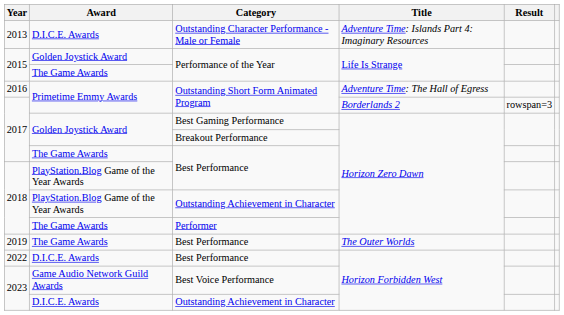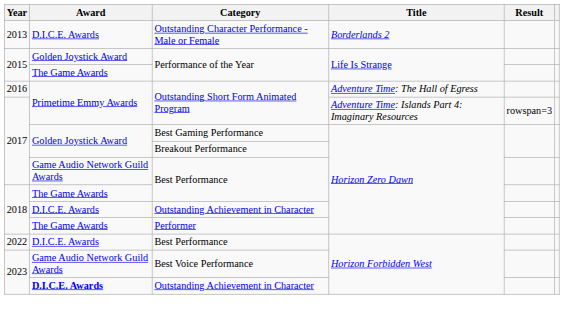 <table class="wikitable sortable">
 <tr>
 <th>Year</th>
 <th>Award</th>
 <th>Category</th>
 <th>Title</th>
 <th>Result</th>
 <th class="unsortable"></th>
 </tr>
 <tr>
 <td style="text-align:center;">2013</td>
 <td><a href='#'>D.I.C.E. Awards</a></td>
 <td><a href='#'>Outstanding Character Performance - Male or Female</a></td>
-<td><em><a href='#'>Adventure Time</a>: Islands Part 4: Imaginary Resources</em></td>
+<td><em><a href='#'>Borderlands 2</a></em></td>
 <td></td>
 <td style="text-align:center;"></td>
 </tr>
 <tr>
 <td style="text-align:center;" rowspan="2">2015</td>
 <td><a href='#'>Golden Joystick Award</a></td>
 <td rowspan="2">Performance of the Year</td>
 <td rowspan="2"><a href='#'>Life Is Strange</a></td>
 <td></td>
 <td style="text-align:center;"></td>
 </tr>
 <tr>
 <td><a href='#'>The Game Awards</a></td>
 <td></td>
 <td style="text-align:center;"></td>
 </tr>
 <tr>
 <td style="text-align:center;">2016</td>
 <td rowspan="2"><a href='#'>Primetime Emmy Awards</a></td>
 <td rowspan="2"><a href='#'>Outstanding Short Form Animated Program</a></td>
 <td><em><a href='#'>Adventure Time</a>: The Hall of Egress</em></td>
 <td></td>
 <td style="text-align:center;"></td>
 </tr>
 <tr>
 <td style="text-align:center;" rowspan="4">2017</td>
-<td><em><a href='#'>Borderlands 2</a></em></td>
+<td><em><a href='#'>Adventure Time</a>: Islands Part 4: Imaginary Resources</em></td>
 <td>rowspan=3 </td>
 <td style="text-align:center;"></td>
 </tr>
 <tr>
 <td rowspan="2"><a href='#'>Golden Joystick Award</a></td>
 <td>Best Gaming Performance</td>
 <td rowspan="6"><em><a href='#'>Horizon Zero Dawn</a></em></td>
 <td style="text-align:center;" rowspan="2"></td>
 </tr>
 <tr>
 <td Breakthrough Performance of the Year>Breakout Performance</td>
 </tr>
 <tr>
-<td><a href='#'>The Game Awards</a></td>
+<td><a href='#'>Game Audio Network Guild Awards</a></td>
 <td rowspan="2">Best Performance</td>
 <td></td>
 <td style="text-align:center;"></td>
 </tr>
 <tr>
 <td style="text-align:center;" rowspan="3">2018</td>
-<td><a href='#'>PlayStation.Blog</a> Game of the Year Awards</td>
+<td><a href='#'>The Game Awards</a></td>
 <td></td>
 <td style="text-align:center;"></td>
 </tr>
 <tr>
-<td><a href='#'>PlayStation.Blog</a> Game of the Year Awards</td>
+<td><a href='#'>D.I.C.E. Awards</a></td>
 <td><a href='#'>Outstanding Achievement in Character</a></td>
 <td></td>
 <td style="text-align:center;"></td>
 </tr>
 <tr>
 <td><a href='#'>The Game Awards</a></td>
 <td><a href='#'>Performer</a></td>
-<td></td>
-<td style="text-align:center;"></td>
-</tr>
-<tr>
-<td style="text-align:center;">2019</td>
-<td><a href='#'>The Game Awards</a></td>
-<td>Best Performance</td>
-<td><em><a href='#'>The Outer Worlds</a></em></td>
 <td></td>
 <td style="text-align:center;"></td>
 </tr>
 <tr>
 <td style="text-align:center;">2022</td>
 <td><a href='#'>D.I.C.E. Awards</a></td>
 <td>Best Performance</td>
 <td rowspan="3"><em><a href='#'>Horizon Forbidden West</a></em></td>
 <td></td>
 <td style="text-align:center;"></td>
 </tr>
 <tr>
 <td rowspan="2" style="text-align:center;">2023</td>
 <td><a href='#'>Game Audio Network Guild Awards</a></td>
 <td>Best Voice Performance</td>
 <td></td>
 <td style="text-align:center;"></td>
 </tr>
 <tr>
-<td><a href='#'>D.I.C.E. Awards</a></td>
+<td><strong><a href='#'>D.I.C.E. Awards</a></strong></td>
 <td><a href='#'>Outstanding Achievement in Character</a></td>
 <td></td>
 <td style="text-align:center;"></td>
 </tr>
 </table>
